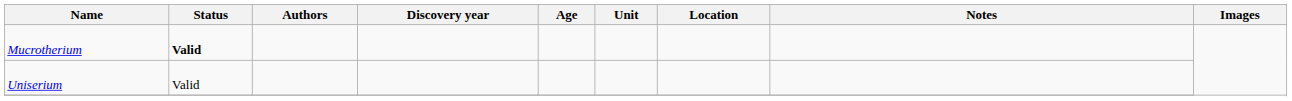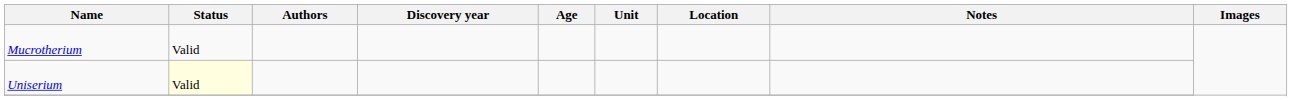 <table class="wikitable sortable" align="center" width="100%">
 <tr>
 <th>Name</th>
 <th>Status</th>
 <th>Authors</th>
 <th>Discovery year</th>
 <th>Age</th>
 <th>Unit</th>
 <th>Location</th>
 <th width="33%" class="unsortable">Notes</th>
 <th class="unsortable">Images</th>
 </tr>
 <tr>
 <td><br><em><a href='#'>Mucrotherium</a></em></td>
-<td><strong><br>Valid</strong></td>
+<td><br>Valid</td>
 <td></td>
 <td></td>
 <td></td>
 <td></td>
 <td></td>
 <td></td>
 <td rowspan="99"><br></td>
 </tr>
 <tr>
 <td><br><em><a href='#'>Uniserium</a></em></td>
-<td><br>Valid</td>
+<td style="background: lightyellow;"><br>Valid</td>
 <td></td>
 <td></td>
 <td></td>
 <td></td>
 <td></td>
 <td></td>
 </tr>
 <tr>
 </tr>
 </table>
